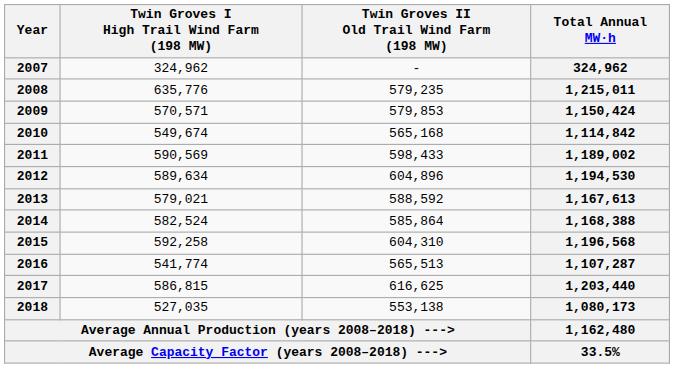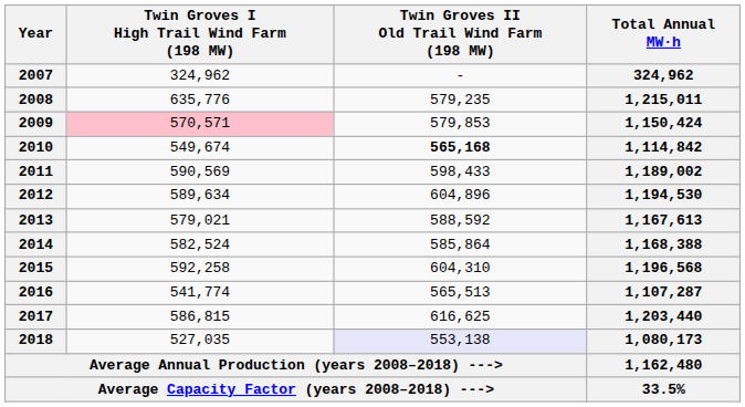 <table class=wikitable style="text-align:center; font-size:0.9em; width:600px;">
 <tr>
 <th>Year</th>
 <th>Twin Groves I<br>High Trail Wind Farm<br>(198 MW) </th>
 <th>Twin Groves II<br>Old Trail Wind Farm<br>(198 MW) </th>
 <th>Total Annual<br> <a href='#'>MW·h</a></th>
 </tr>
 <tr>
 <th>2007</th>
 <td>324,962</td>
 <td>-</td>
 <th>324,962</th>
 </tr>
 <tr>
 <th>2008</th>
 <td>635,776</td>
 <td>579,235</td>
 <th>1,215,011</th>
 </tr>
 <tr>
 <th>2009</th>
-<td>570,571</td>
+<td style="background: pink;">570,571</td>
 <td>579,853</td>
 <th>1,150,424</th>
 </tr>
 <tr>
 <th>2010</th>
 <td>549,674</td>
-<td>565,168</td>
+<td><strong>565,168</strong></td>
 <th>1,114,842</th>
 </tr>
 <tr>
 <th>2011</th>
 <td>590,569</td>
 <td>598,433</td>
 <th>1,189,002</th>
 </tr>
 <tr>
 <th>2012</th>
 <td>589,634</td>
 <td>604,896</td>
 <th>1,194,530</th>
 </tr>
 <tr>
 <th>2013</th>
 <td>579,021</td>
 <td>588,592</td>
 <th>1,167,613</th>
 </tr>
 <tr>
 <th>2014</th>
 <td>582,524</td>
 <td>585,864</td>
 <th>1,168,388</th>
 </tr>
 <tr>
 <th>2015</th>
 <td>592,258</td>
 <td>604,310</td>
 <th>1,196,568</th>
 </tr>
 <tr>
 <th>2016</th>
 <td>541,774</td>
 <td>565,513</td>
 <th>1,107,287</th>
 </tr>
 <tr>
 <th>2017</th>
 <td>586,815</td>
 <td>616,625</td>
 <th>1,203,440</th>
 </tr>
 <tr>
 <th>2018</th>
 <td>527,035</td>
-<td>553,138</td>
+<td style="background: lavender;">553,138</td>
 <th>1,080,173</th>
 </tr>
 <tr>
 <th colspan=3>Average Annual Production (years 2008–2018) ---></th>
 <th>1,162,480</th>
 </tr>
 <tr>
 <th colspan=3>Average <a href='#'>Capacity Factor</a> (years 2008–2018) ---></th>
 <th>33.5%</th>
 </tr>
 </table>
